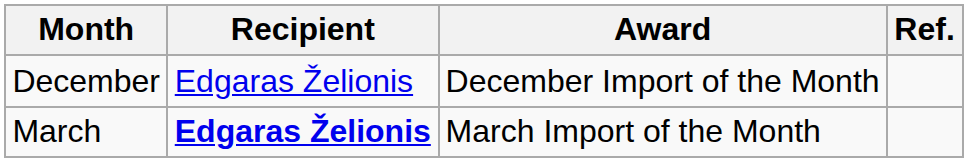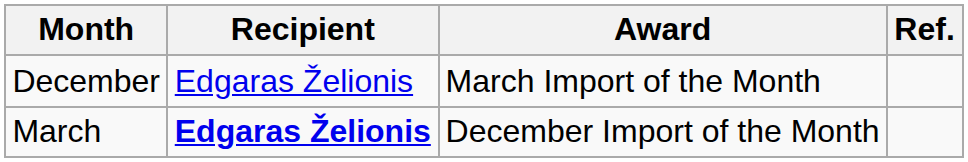 <table class="wikitable">
 <tr>
 <th>Month</th>
 <th>Recipient</th>
 <th>Award</th>
 <th>Ref.</th>
 </tr>
 <tr>
 <td>December</td>
 <td><a href='#'>Edgaras Želionis</a></td>
-<td>December Import of the Month</td>
+<td>March Import of the Month</td>
 <td></td>
 </tr>
 <tr>
 <td>March</td>
 <td><strong><a href='#'>Edgaras Želionis</a></strong></td>
-<td>March Import of the Month</td>
+<td>December Import of the Month</td>
 <td></td>
 </tr>
 </table>
